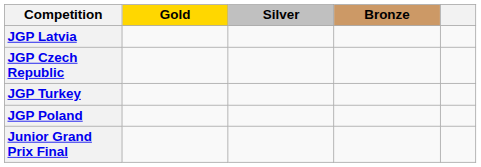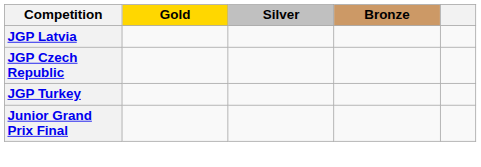 <table class="wikitable unsortable" style="text-align:left; width:90%">
 <tr>
 <th scope="col" style="text-align:center; width:25%;">Competition</th>
 <td scope="col" style="text-align:center; width:22.5%; background:gold"><strong>Gold</strong></td>
 <td scope="col" style="text-align:center; width:22.5%; background:silver"><strong>Silver</strong></td>
 <td scope="col" style="text-align:center; width:22.5%; background:#c96"><strong>Bronze</strong></td>
 <th scope="col" style="text-align:center; width:7.5%;"></th>
 </tr>
 <tr>
 <th scope="row" style="text-align:left"> <a href='#'>JGP Latvia</a></th>
 <td></td>
 <td></td>
 <td></td>
 <td></td>
 </tr>
 <tr>
 <th scope="row" style="text-align:left"> <a href='#'>JGP Czech Republic</a></th>
 <td></td>
 <td></td>
 <td></td>
 <td></td>
 </tr>
 <tr>
 <th scope="row" style="text-align:left"> <a href='#'>JGP Turkey</a></th>
 <td></td>
 <td></td>
 <td></td>
 <td></td>
 </tr>
 <tr>
-<th scope="row" style="text-align:left"> <a href='#'>JGP Poland</a></th>
-<td></td>
-<td></td>
-<td></td>
-<td></td>
-</tr>
-<tr>
 <th scope="row" style="text-align:left"> <a href='#'>Junior Grand Prix Final</a></th>
 <td></td>
 <td></td>
 <td></td>
 <td></td>
 </tr>
 </table>
